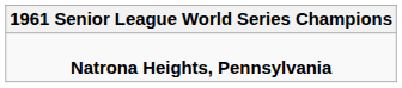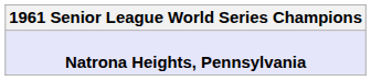 <table class="wikitable" style="text-align: center; margin: 0 auto;">
 <tr>
 <th>1961 Senior League World Series Champions</th>
 </tr>
 <tr>
-<td><br><strong>Natrona Heights, Pennsylvania</strong></td>
+<td style="background: lavender;"><br><strong>Natrona Heights, Pennsylvania</strong></td>
 </tr>
 </table>
